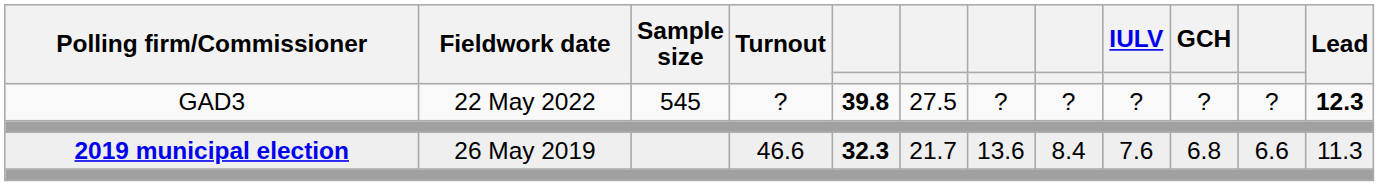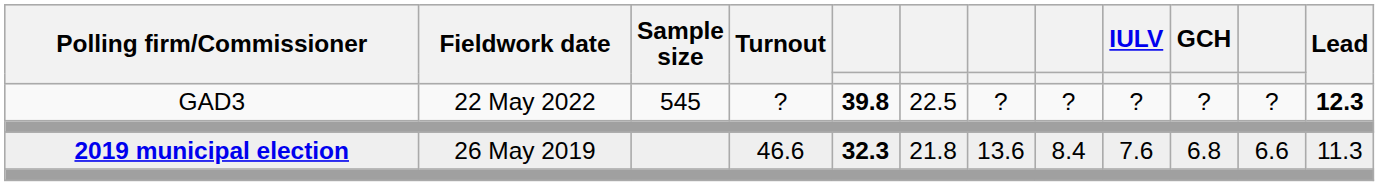 <table class="wikitable collapsible collapsed" style="text-align:center; font-size:95%; line-height:16px;">
 <tr style="height:42px;">
 <th style="width:250px;" rowspan="2">Polling firm/Commissioner</th>
 <th style="width:125px;" rowspan="2">Fieldwork date</th>
 <th style="width:50px;" rowspan="2">Sample size</th>
 <th style="width:45px;" rowspan="2">Turnout</th>
 <th style="width:35px;"></th>
 <th style="width:35px;"></th>
 <th style="width:35px;"></th>
 <th style="width:35px;"></th>
 <th style="width:35px;"><a href='#'>IULV</a></th>
 <th style="width:35px;">GCH</th>
 <th style="width:35px;"></th>
 <th style="width:30px;" rowspan="2">Lead</th>
 </tr>
 <tr>
 <th style="color:inherit;background:"></th>
 <th style="color:inherit;background:"></th>
 <th style="color:inherit;background:"></th>
 <th style="color:inherit;background:"></th>
 <th style="color:inherit;background:"></th>
 <th style="color:inherit;background:"></th>
 <th style="color:inherit;background:"></th>
 </tr>
 <tr>
 <td>GAD3</td>
 <td>22 May 2022</td>
 <td>545</td>
 <td>?</td>
 <td><strong>39.8</strong><br></td>
-<td>27.5<br></td>
+<td>22.5<br></td>
 <td>?<br></td>
 <td>?<br></td>
 <td>?<br></td>
 <td>?<br></td>
 <td>?<br></td>
 <td style="background:"><strong>12.3</strong></td>
 </tr>
 <tr>
 <td colspan="12" style="background:#A0A0A0"></td>
 </tr>
 <tr style="background:#EFEFEF;">
 <td><strong><a href='#'>2019 municipal election</a></strong></td>
 <td>26 May 2019</td>
 <td></td>
 <td>46.6</td>
 <td><strong>32.3</strong><br></td>
-<td>21.7<br></td>
+<td>21.8<br></td>
 <td>13.6<br></td>
 <td>8.4<br></td>
 <td>7.6<br></td>
 <td>6.8<br></td>
 <td>6.6<br></td>
 <td style="background:">11.3</td>
 </tr>
 <tr>
 <td colspan="12" style="background:#A0A0A0"></td>
 </tr>
 </table>
